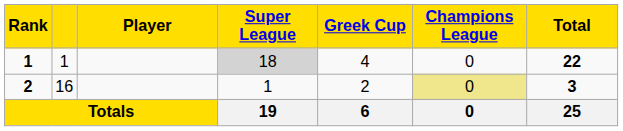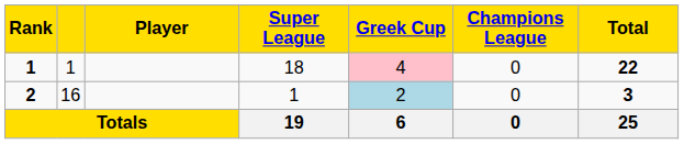 <table class="wikitable sortable" style="text-align:center">
 <tr>
 <th style="background:#FFDE00">Rank</th>
 <th style="background:#FFDE00"></th>
 <th width=200 style="background:#FFDE00">Player</th>
 <th width=120 style="background:#FFDE00"><a href='#'>Super League</a></th>
 <th width=120 style="background:#FFDE00"><a href='#'>Greek Cup</a></th>
 <th width=120 style="background:#FFDE00"><a href='#'>Champions League</a></th>
 <th width=120 style="background:#FFDE00">Total</th>
 </tr>
 <tr>
 <td><strong>1</strong></td>
 <td>1</td>
 <td align=left></td>
-<td style="background: lightgrey;">18</td>
-<td>4</td>
+<td>18</td>
+<td style="background: pink;">4</td>
 <td>0</td>
 <td><strong>22</strong></td>
 </tr>
 <tr>
 <td><strong>2</strong></td>
 <td>16</td>
 <td align=left></td>
 <td>1</td>
-<td>2</td>
-<td style="background: khaki;">0</td>
+<td style="background: lightblue;">2</td>
+<td>0</td>
 <td><strong>3</strong></td>
 </tr>
 <tr class="sortbottom">
 <th colspan=3 style="background:#FFDE00"><strong>Totals</strong></th>
 <th><strong>19</strong></th>
 <th><strong> 6</strong></th>
 <th><strong> 0</strong></th>
 <th><strong>25</strong></th>
 </tr>
 </table>
